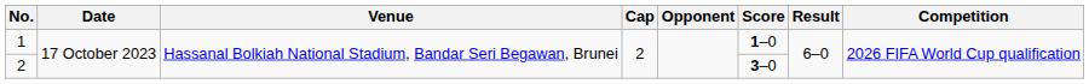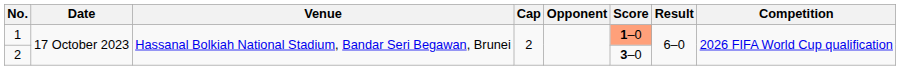 <table class="wikitable sortable">
 <tr>
 <th scope=col>No.</th>
 <th scope=col>Date</th>
 <th scope=col>Venue</th>
 <th scope=col>Cap</th>
 <th scope=col>Opponent</th>
 <th scope=col>Score</th>
 <th scope=col>Result</th>
 <th scope=col>Competition</th>
 </tr>
 <tr>
 <td align=center>1</td>
 <td rowspan=2>17 October 2023</td>
 <td rowspan=2><a href='#'>Hassanal Bolkiah National Stadium</a>, <a href='#'>Bandar Seri Begawan</a>, Brunei</td>
 <td rowspan=2; align=center>2</td>
 <td rowspan=2></td>
-<td align=center><strong>1</strong>–0</td>
+<td align=center style="background: lightsalmon;"><strong>1</strong>–0</td>
 <td rowspan=2;  align=center>6–0</td>
 <td rowspan=2><a href='#'>2026 FIFA World Cup qualification</a></td>
 </tr>
 <tr>
 <td align=center>2</td>
 <td align=center><strong>3</strong>–0</td>
 </tr>
 </table>
